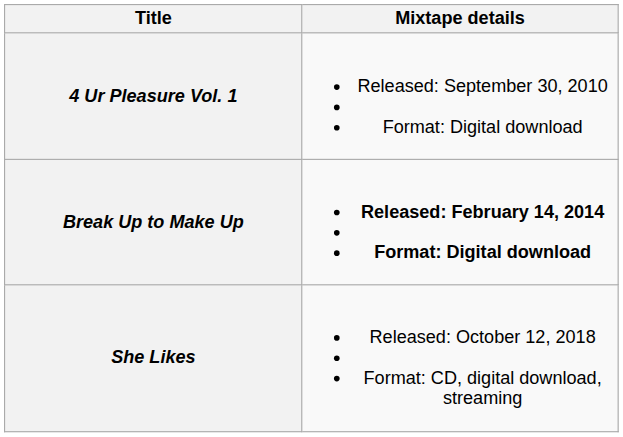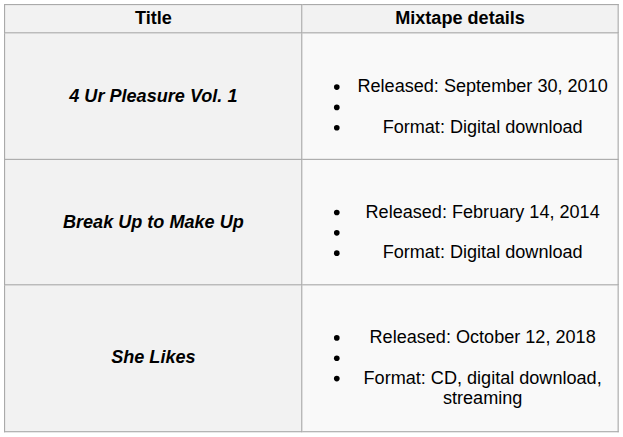 <table class="wikitable plainrowheaders" style="text-align:center;">
 <tr>
 <th scope="col" style="width:16em;">Title</th>
 <th scope="col" style="width:17em;">Mixtape details</th>
 </tr>
 <tr>
 <th scope="row"><em>4 Ur Pleasure Vol. 1</em></th>
 <td><br><ul><li>Released: September 30, 2010</li><li></li><li>Format: Digital download</li></ul></td>
 </tr>
 <tr>
 <th scope="row"><em>Break Up to Make Up</em></th>
-<td><strong><br><ul><li>Released: February 14, 2014</li><li></li><li>Format: Digital download</li></ul></strong></td>
+<td><br><ul><li>Released: February 14, 2014</li><li></li><li>Format: Digital download</li></ul></td>
 </tr>
 <tr>
 <th scope="row"><em>She Likes</em></th>
 <td><br><ul><li>Released: October 12, 2018</li><li></li><li>Format: CD, digital download, streaming</li></ul></td>
 </tr>
 </table>
